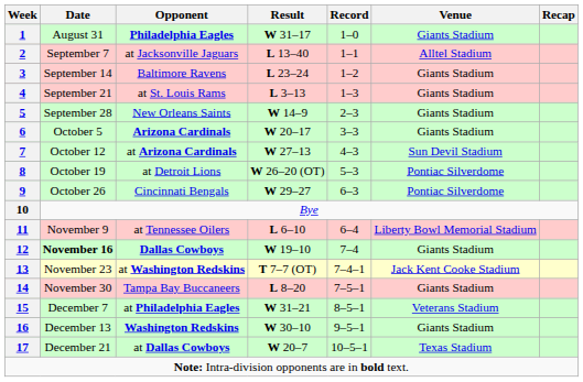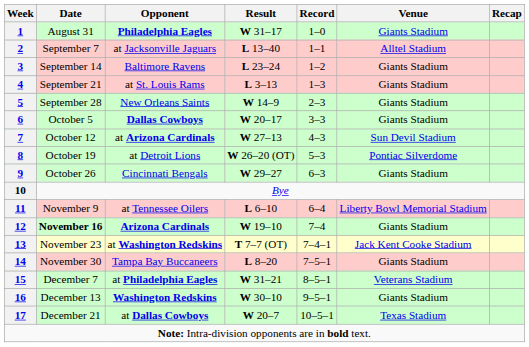 <table class="wikitable" style="text-align:center">
 <tr>
 <th>Week</th>
 <th>Date</th>
 <th>Opponent</th>
 <th>Result</th>
 <th>Record</th>
 <th>Venue</th>
 <th>Recap</th>
 </tr>
 <tr style="background:#cfc">
 <th><a href='#'>1</a></th>
 <td>August 31</td>
 <td><strong><a href='#'>Philadelphia Eagles</a></strong></td>
 <td><strong>W</strong> 31–17</td>
 <td>1–0</td>
 <td><a href='#'>Giants Stadium</a></td>
 <td></td>
 </tr>
 <tr style="background:#fcc">
 <th><a href='#'>2</a></th>
 <td>September 7</td>
 <td>at <a href='#'>Jacksonville Jaguars</a></td>
 <td><strong>L</strong> 13–40</td>
 <td>1–1</td>
 <td><a href='#'>Alltel Stadium</a></td>
 <td></td>
 </tr>
 <tr style="background:#fcc">
 <th><a href='#'>3</a></th>
 <td>September 14</td>
 <td><a href='#'>Baltimore Ravens</a></td>
 <td><strong>L</strong> 23–24</td>
 <td>1–2</td>
 <td>Giants Stadium</td>
 <td></td>
 </tr>
 <tr style="background:#fcc">
 <th><a href='#'>4</a></th>
 <td>September 21</td>
 <td>at <a href='#'>St. Louis Rams</a></td>
 <td><strong>L</strong> 3–13</td>
 <td>1–3</td>
 <td>Giants Stadium</td>
 <td></td>
 </tr>
 <tr style="background:#cfc">
 <th><a href='#'>5</a></th>
 <td>September 28</td>
 <td><a href='#'>New Orleans Saints</a></td>
 <td><strong>W</strong> 14–9</td>
 <td>2–3</td>
 <td>Giants Stadium</td>
 <td></td>
 </tr>
 <tr style="background:#cfc">
 <th><a href='#'>6</a></th>
 <td>October 5</td>
-<td><strong><a href='#'>Arizona Cardinals</a></strong></td>
+<td><strong><a href='#'>Dallas Cowboys</a></strong></td>
 <td><strong>W</strong> 20–17</td>
 <td>3–3</td>
 <td>Giants Stadium</td>
 <td></td>
 </tr>
 <tr style="background:#cfc">
 <th><a href='#'>7</a></th>
 <td>October 12</td>
 <td>at <strong><a href='#'>Arizona Cardinals</a></strong></td>
 <td><strong>W</strong> 27–13</td>
 <td>4–3</td>
 <td><a href='#'>Sun Devil Stadium</a></td>
 <td></td>
 </tr>
 <tr style="background:#cfc">
 <th><a href='#'>8</a></th>
 <td>October 19</td>
 <td>at <a href='#'>Detroit Lions</a></td>
 <td><strong>W</strong> 26–20 (OT)</td>
 <td>5–3</td>
 <td><a href='#'>Pontiac Silverdome</a></td>
 <td></td>
 </tr>
 <tr style="background:#cfc">
 <th><a href='#'>9</a></th>
 <td>October 26</td>
 <td><a href='#'>Cincinnati Bengals</a></td>
 <td><strong>W</strong> 29–27</td>
 <td>6–3</td>
-<td><a href='#'>Pontiac Silverdome</a></td>
+<td>Giants Stadium</td>
 <td></td>
 </tr>
 <tr>
 <th>10</th>
 <td colspan="8"><em><a href='#'>Bye</a></em></td>
 </tr>
 <tr style="background:#fcc">
 <th><a href='#'>11</a></th>
 <td>November 9</td>
 <td>at <a href='#'>Tennessee Oilers</a></td>
 <td><strong>L</strong> 6–10</td>
 <td>6–4</td>
 <td><a href='#'>Liberty Bowl Memorial Stadium</a></td>
 <td></td>
 </tr>
 <tr style="background:#cfc">
 <th><a href='#'>12</a></th>
 <td><strong>November 16</strong></td>
-<td><strong><a href='#'>Dallas Cowboys</a></strong></td>
+<td><strong><a href='#'>Arizona Cardinals</a></strong></td>
 <td><strong>W</strong> 19–10</td>
 <td>7–4</td>
 <td>Giants Stadium</td>
 <td></td>
 </tr>
 <tr style="background:#ffc">
 <th><a href='#'>13</a></th>
 <td>November 23</td>
 <td>at <strong><a href='#'>Washington Redskins</a></strong></td>
 <td><strong>T</strong> 7–7 (OT)</td>
 <td>7–4–1</td>
 <td><a href='#'>Jack Kent Cooke Stadium</a></td>
 <td></td>
 </tr>
 <tr style="background:#fcc">
 <th><a href='#'>14</a></th>
 <td>November 30</td>
 <td><a href='#'>Tampa Bay Buccaneers</a></td>
 <td><strong>L</strong> 8–20</td>
 <td>7–5–1</td>
 <td>Giants Stadium</td>
 <td></td>
 </tr>
 <tr style="background:#cfc">
 <th><a href='#'>15</a></th>
 <td>December 7</td>
 <td>at <strong><a href='#'>Philadelphia Eagles</a></strong></td>
 <td><strong>W</strong> 31–21</td>
 <td>8–5–1</td>
 <td><a href='#'>Veterans Stadium</a></td>
 <td></td>
 </tr>
 <tr style="background:#cfc">
 <th><a href='#'>16</a></th>
 <td>December 13</td>
 <td><strong><a href='#'>Washington Redskins</a></strong></td>
 <td><strong>W</strong> 30–10</td>
 <td>9–5–1</td>
 <td>Giants Stadium</td>
 <td></td>
 </tr>
 <tr style="background:#cfc">
 <th><a href='#'>17</a></th>
 <td>December 21</td>
 <td>at <strong><a href='#'>Dallas Cowboys</a></strong></td>
 <td><strong>W</strong> 20–7</td>
 <td>10–5–1</td>
 <td><a href='#'>Texas Stadium</a></td>
 <td></td>
 </tr>
 <tr>
 <td colspan="8"><strong>Note:</strong> Intra-division opponents are in <strong>bold</strong> text.</td>
 </tr>
 </table>
